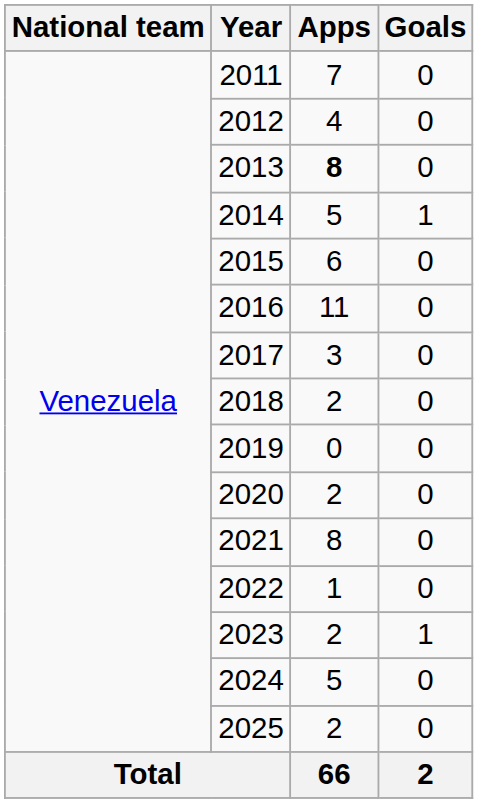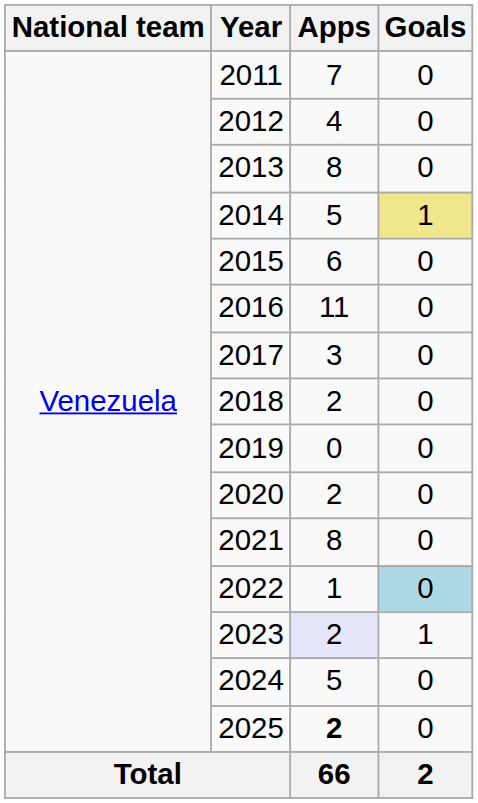 <table class="wikitable" style="text-align:center">
 <tr>
 <th>National team</th>
 <th>Year</th>
 <th>Apps</th>
 <th>Goals</th>
 </tr>
 <tr>
 <td rowspan="15"><a href='#'>Venezuela</a></td>
 <td>2011</td>
 <td>7</td>
 <td>0</td>
 </tr>
 <tr>
 <td>2012</td>
 <td>4</td>
 <td>0</td>
 </tr>
 <tr>
 <td>2013</td>
-<td><strong>8</strong></td>
+<td>8</td>
 <td>0</td>
 </tr>
 <tr>
 <td>2014</td>
 <td>5</td>
-<td>1</td>
+<td style="background: khaki;">1</td>
 </tr>
 <tr>
 <td>2015</td>
 <td>6</td>
 <td>0</td>
 </tr>
 <tr>
 <td>2016</td>
 <td>11</td>
 <td>0</td>
 </tr>
 <tr>
 <td>2017</td>
 <td>3</td>
 <td>0</td>
 </tr>
 <tr>
 <td>2018</td>
 <td>2</td>
 <td>0</td>
 </tr>
 <tr>
 <td>2019</td>
 <td>0</td>
 <td>0</td>
 </tr>
 <tr>
 <td>2020</td>
 <td>2</td>
 <td>0</td>
 </tr>
 <tr>
 <td>2021</td>
 <td>8</td>
 <td>0</td>
 </tr>
 <tr>
 <td>2022</td>
 <td>1</td>
-<td>0</td>
+<td style="background: lightblue;">0</td>
 </tr>
 <tr>
 <td>2023</td>
-<td>2</td>
+<td style="background: lavender;">2</td>
 <td>1</td>
 </tr>
 <tr>
 <td>2024</td>
 <td>5</td>
 <td>0</td>
 </tr>
 <tr>
 <td>2025</td>
-<td>2</td>
+<td><strong>2</strong></td>
 <td>0</td>
 </tr>
 <tr>
 <th colspan="2">Total</th>
 <th>66</th>
 <th>2</th>
 </tr>
 </table>
